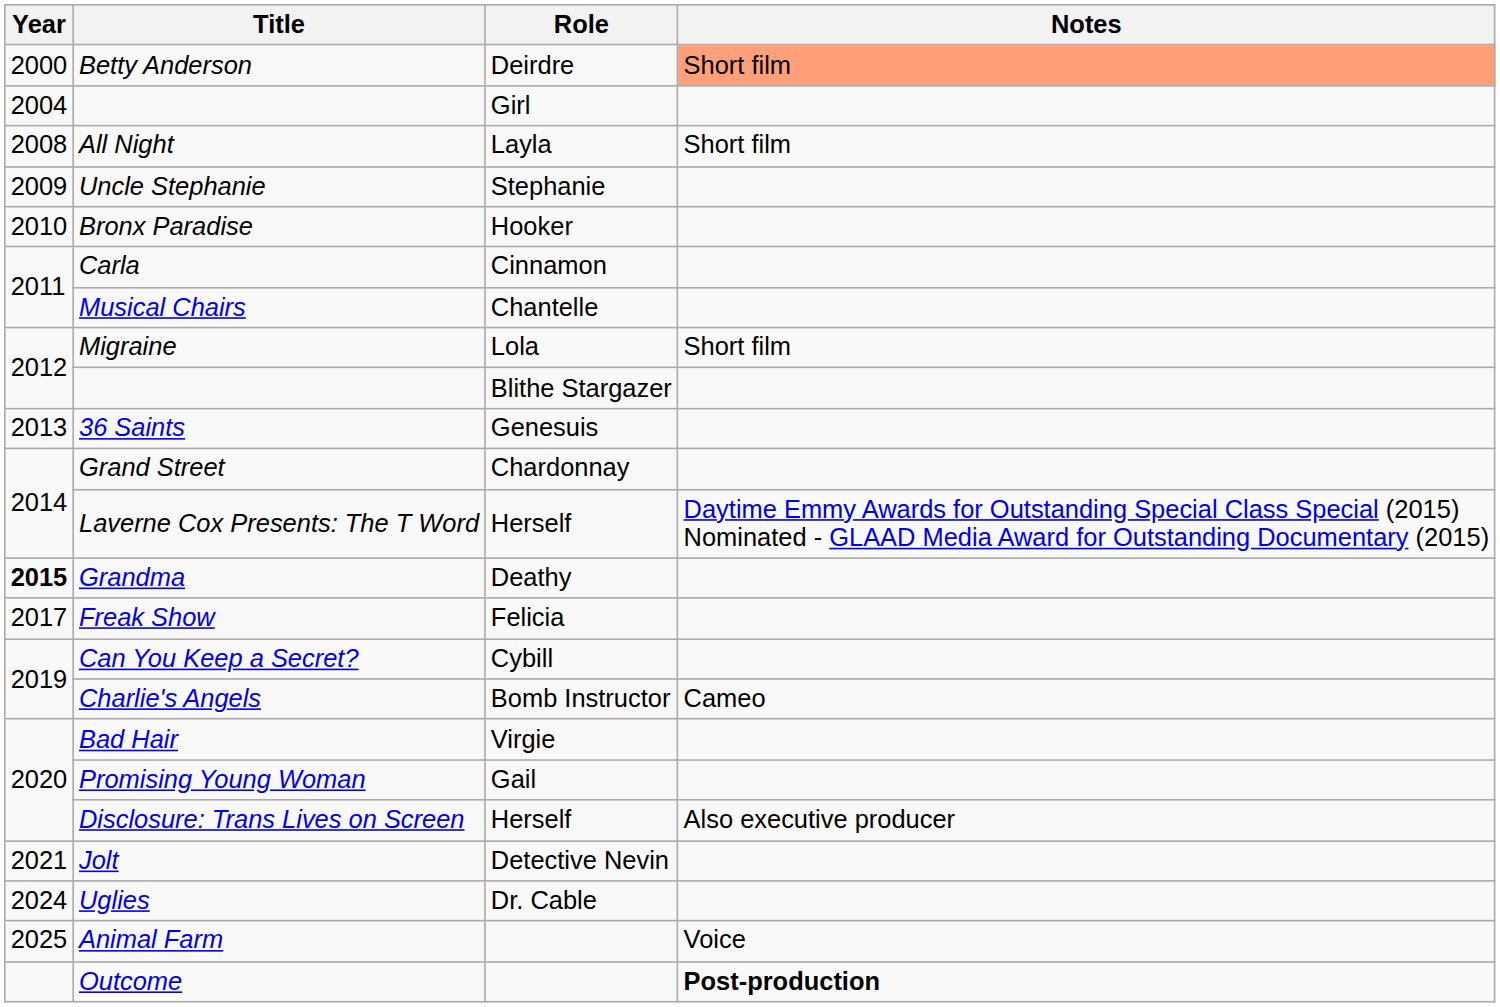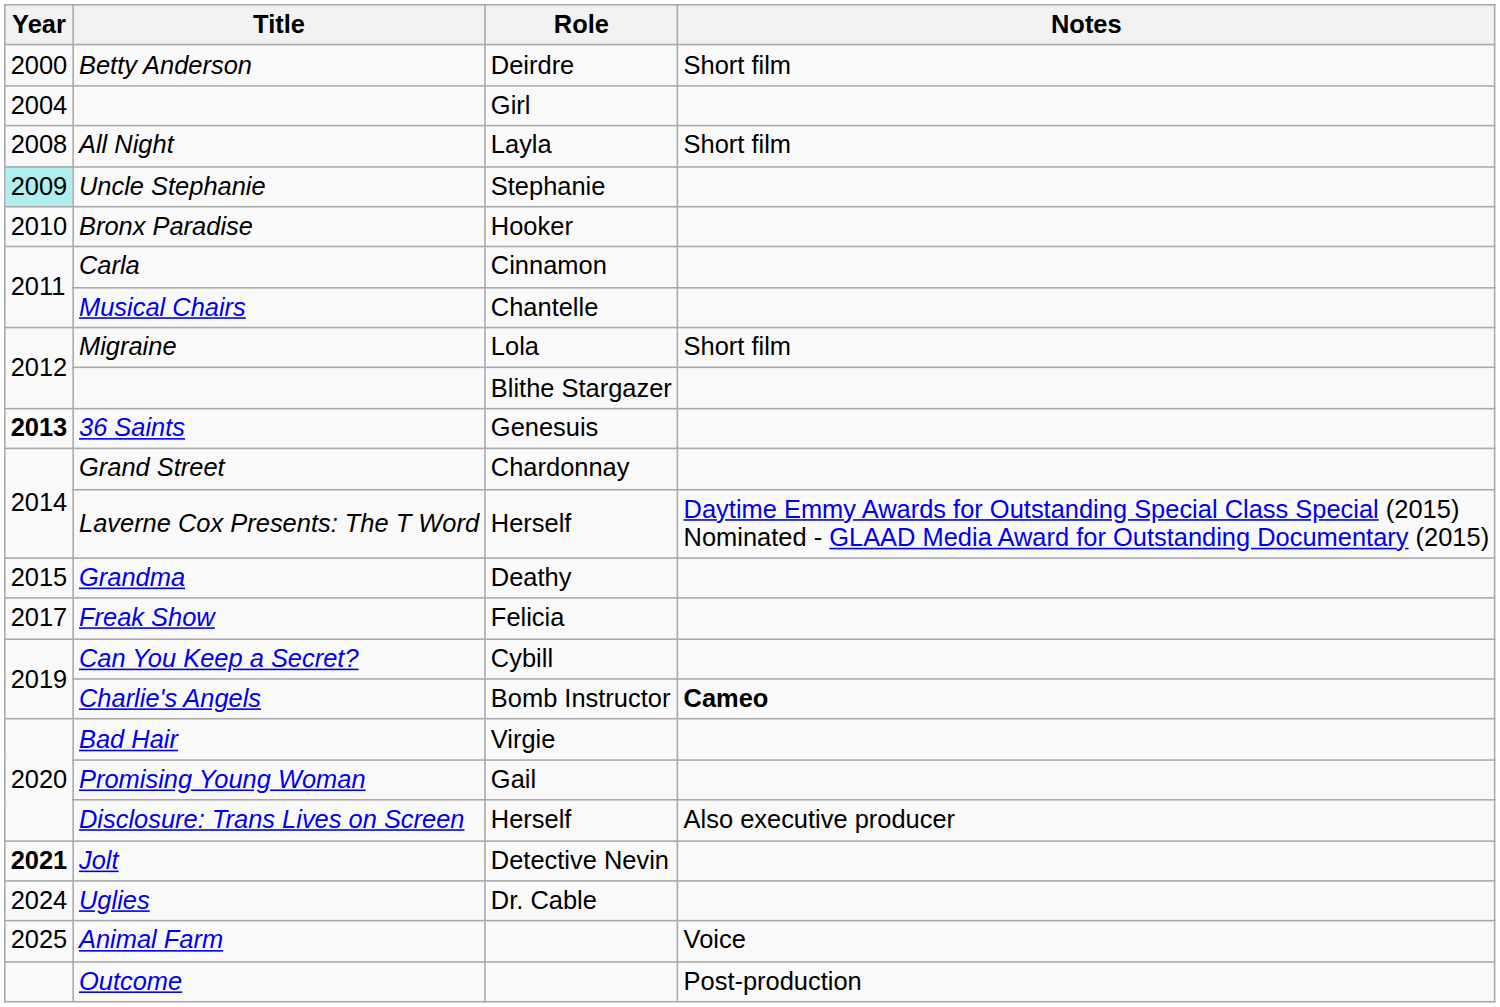 <table class="wikitable sortable">
 <tr>
 <th>Year</th>
 <th>Title</th>
 <th>Role</th>
 <th class="unsortable">Notes</th>
 </tr>
 <tr>
 <td>2000</td>
 <td><em>Betty Anderson</em></td>
 <td>Deirdre</td>
-<td style="background: lightsalmon;">Short film</td>
+<td>Short film</td>
 </tr>
 <tr>
 <td>2004</td>
 <td><em></em></td>
 <td>Girl</td>
 <td></td>
 </tr>
 <tr>
 <td>2008</td>
 <td><em>All Night</em></td>
 <td>Layla</td>
 <td>Short film</td>
 </tr>
 <tr>
-<td>2009</td>
+<td style="background: paleturquoise;">2009</td>
 <td><em>Uncle Stephanie</em></td>
 <td>Stephanie</td>
 <td></td>
 </tr>
 <tr>
 <td>2010</td>
 <td><em>Bronx Paradise</em></td>
 <td>Hooker</td>
 <td></td>
 </tr>
 <tr>
 <td rowspan="2">2011</td>
 <td><em>Carla</em></td>
 <td>Cinnamon</td>
 <td></td>
 </tr>
 <tr>
 <td><em><a href='#'>Musical Chairs</a></em></td>
 <td>Chantelle</td>
 <td></td>
 </tr>
 <tr>
 <td rowspan="2">2012</td>
 <td><em>Migraine</em></td>
 <td>Lola</td>
 <td>Short film</td>
 </tr>
 <tr>
 <td><em></em></td>
 <td>Blithe Stargazer</td>
 <td></td>
 </tr>
 <tr>
-<td>2013</td>
+<td><strong>2013</strong></td>
 <td><em><a href='#'>36 Saints</a></em></td>
 <td>Genesuis</td>
 <td></td>
 </tr>
 <tr>
 <td rowspan="2">2014</td>
 <td><em>Grand Street</em></td>
 <td>Chardonnay</td>
 <td></td>
 </tr>
 <tr>
 <td><em>Laverne Cox Presents: The T Word</em></td>
 <td>Herself</td>
 <td><a href='#'>Daytime Emmy Awards for Outstanding Special Class Special</a> (2015)<br>Nominated - <a href='#'>GLAAD Media Award for Outstanding Documentary</a> (2015)</td>
 </tr>
 <tr>
-<td><strong>2015</strong></td>
+<td>2015</td>
 <td><em><a href='#'>Grandma</a></em></td>
 <td>Deathy</td>
 <td></td>
 </tr>
 <tr>
 <td>2017</td>
 <td><em><a href='#'>Freak Show</a></em></td>
 <td>Felicia</td>
 <td></td>
 </tr>
 <tr>
 <td rowspan="2">2019</td>
 <td><em><a href='#'>Can You Keep a Secret?</a></em></td>
 <td>Cybill</td>
 <td></td>
 </tr>
 <tr>
 <td><em><a href='#'>Charlie's Angels</a></em></td>
 <td>Bomb Instructor</td>
-<td>Cameo</td>
+<td><strong>Cameo</strong></td>
 </tr>
 <tr>
 <td rowspan="3">2020</td>
 <td><em><a href='#'>Bad Hair</a></em></td>
 <td>Virgie</td>
 <td></td>
 </tr>
 <tr>
 <td><em><a href='#'>Promising Young Woman</a></em></td>
 <td>Gail</td>
 <td></td>
 </tr>
 <tr>
 <td><em><a href='#'>Disclosure: Trans Lives on Screen</a></em></td>
 <td>Herself</td>
 <td>Also executive producer</td>
 </tr>
 <tr>
-<td>2021</td>
+<td><strong>2021</strong></td>
 <td><em><a href='#'>Jolt</a></em></td>
 <td>Detective Nevin</td>
 <td></td>
 </tr>
 <tr>
 <td>2024</td>
 <td><em><a href='#'>Uglies</a></em></td>
 <td>Dr. Cable</td>
 <td></td>
 </tr>
 <tr>
 <td>2025</td>
 <td><em><a href='#'>Animal Farm</a></em></td>
 <td></td>
 <td>Voice</td>
 </tr>
 <tr>
 <td></td>
 <td><em><a href='#'>Outcome</a></em></td>
 <td></td>
-<td><strong>Post-production</strong></td>
+<td>Post-production</td>
 </tr>
 </table>
